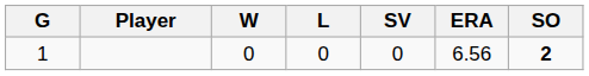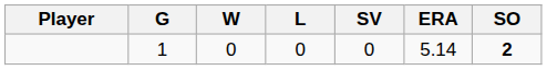 <table class="wikitable sortable">
 <tr>
+<th bgcolor="#DDDDFF" width="16%">Player</th>
 <th bgcolor="#DDDDFF" width="9%">G</th>
-<th bgcolor="#DDDDFF" width="16%">Player</th>
 <th bgcolor="#DDDDFF" width="9%">W</th>
 <th bgcolor="#DDDDFF" width="9%">L</th>
 <th bgcolor="#DDDDFF" width="9%">SV</th>
 <th bgcolor="#DDDDFF" width="9%">ERA</th>
 <th bgcolor="#DDDDFF" width="9%">SO</th>
 </tr>
 <tr align="center">
+<td></td>
 <td>1</td>
-<td></td>
 <td>0</td>
 <td>0</td>
 <td>0</td>
-<td>6.56</td>
+<td>5.14</td>
 <td><strong>2</strong></td>
 </tr>
 </table>
